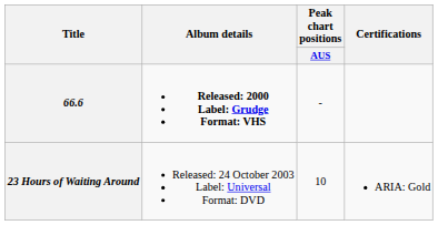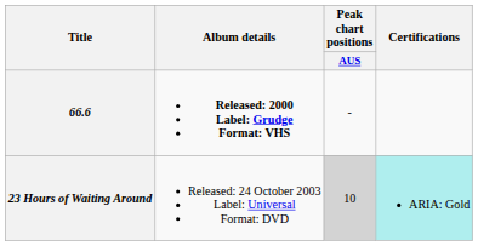 <table class="wikitable plainrowheaders" style="text-align:center;">
 <tr>
 <th scope="col" rowspan="2">Title</th>
 <th scope="col" rowspan="2">Album details</th>
 <th scope="col">Peak chart positions</th>
 <th scope="col" rowspan="2">Certifications</th>
 </tr>
 <tr>
 <th scope="col" style="width:3em;font-size:90%;"><a href='#'>AUS</a><br></th>
 </tr>
 <tr>
 <th scope="row"><em>66.6</em></th>
 <td><strong><br><ul><li>Released: 2000</li><li>Label: <a href='#'>Grudge</a></li><li>Format: VHS</li></ul></strong></td>
 <td>-</td>
 <td></td>
 </tr>
 <tr>
 <th scope="row"><em>23 Hours of Waiting Around</em></th>
 <td><br><ul><li>Released: 24 October 2003</li><li>Label: <a href='#'>Universal</a></li><li>Format: DVD</li></ul></td>
-<td>10</td>
-<td><br><ul><li>ARIA: Gold</li></ul></td>
+<td style="background: lightgrey;">10</td>
+<td style="background: paleturquoise;"><br><ul><li>ARIA: Gold</li></ul></td>
 </tr>
 </table>
